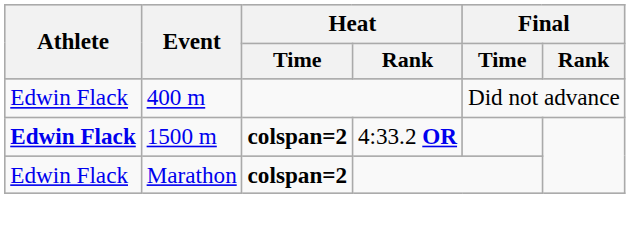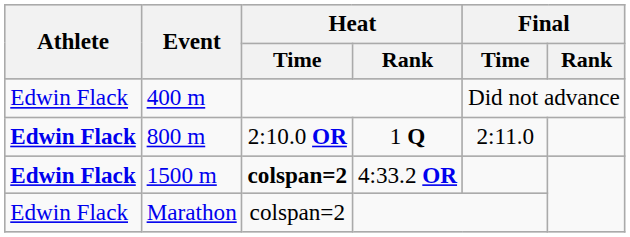 <table class=wikitable style=font-size:90%;text-align:center>
 <tr>
 <th rowspan=2>Athlete</th>
 <th rowspan=2>Event</th>
 <th colspan=2>Heat</th>
 <th colspan=2>Final</th>
 </tr>
 <tr style=font-size:95%>
 <th>Time</th>
 <th>Rank</th>
 <th>Time</th>
 <th>Rank</th>
 </tr>
 <tr>
 <td align=left><a href='#'>Edwin Flack</a></td>
 <td align=left><a href='#'>400 m</a></td>
 <td colspan=2></td>
 <td colspan=2>Did not advance</td>
 </tr>
 <tr>
 <td align=left><strong><a href='#'>Edwin Flack</a></strong></td>
+<td align=left><a href='#'>800 m</a></td>
+<td>2:10.0 <a href='#'><strong>OR</strong></a></td>
+<td>1 <strong>Q</strong></td>
+<td>2:11.0</td>
+<td></td>
+</tr>
+<tr>
+<td align=left><strong><a href='#'>Edwin Flack</a></strong></td>
 <td align=left><a href='#'>1500 m</a></td>
 <td><strong>colspan=2 </strong></td>
 <td>4:33.2 <a href='#'><strong>OR</strong></a></td>
 <td></td>
 </tr>
 <tr>
 <td align=left><a href='#'>Edwin Flack</a></td>
 <td align=left><a href='#'>Marathon</a></td>
-<td><strong>colspan=2 </strong></td>
+<td>colspan=2 </td>
 <td colspan=2></td>
 </tr>
 </table>
